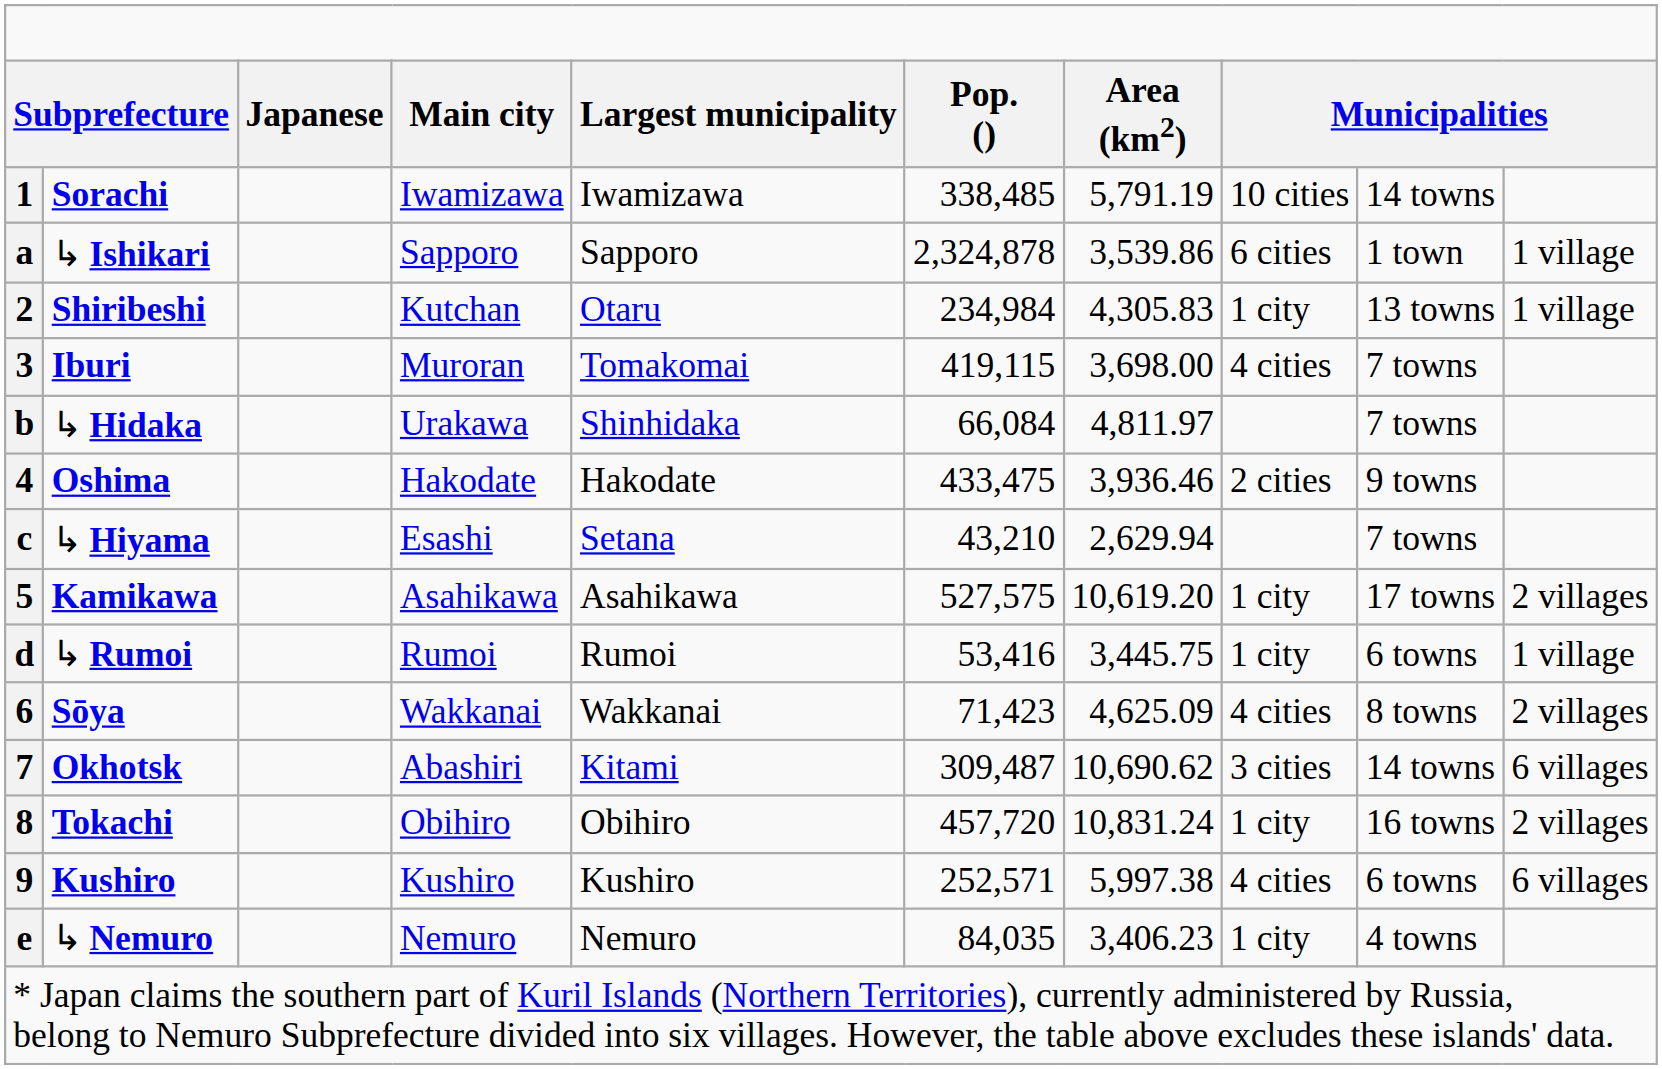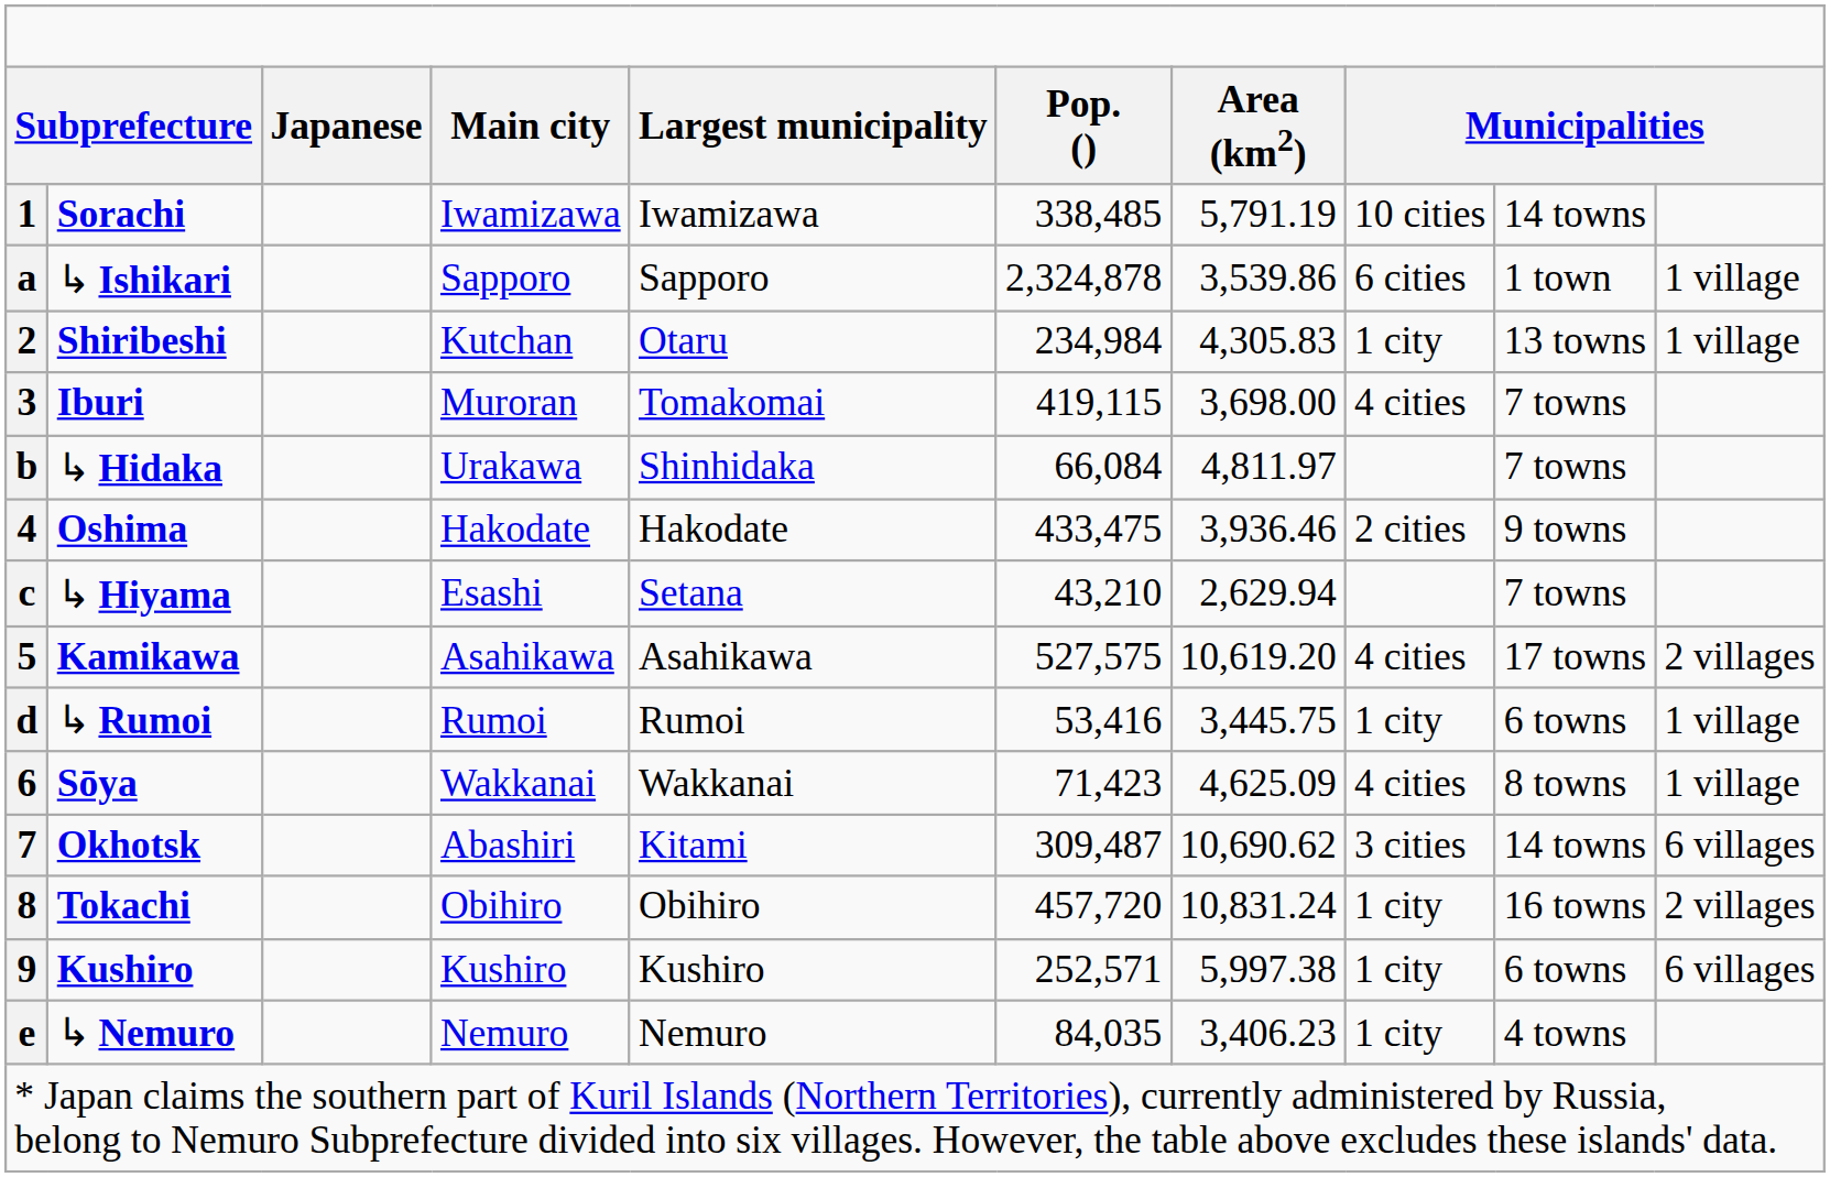 <table class="wikitable">
 <tr>
 <td colspan="10" style="text-align: center; padding-left: 18%"><br>                </td>
 </tr>
 <tr>
 <th colspan="2"><a href='#'>Subprefecture</a></th>
 <th>Japanese</th>
 <th>Main city</th>
 <th>Largest municipality</th>
 <th>Pop.<br>()</th>
 <th>Area<br>(km<sup>2</sup>)</th>
 <th colspan=3><a href='#'>Municipalities</a></th>
 </tr>
 <tr>
 <th>1</th>
 <td><strong><a href='#'>Sorachi</a></strong></td>
 <td></td>
 <td><a href='#'>Iwamizawa</a></td>
 <td>Iwamizawa</td>
 <td align=right>338,485</td>
 <td align=right>5,791.19</td>
 <td>10 cities</td>
 <td>14 towns</td>
 <td></td>
 </tr>
 <tr>
 <th>a</th>
 <td>↳ <strong><a href='#'>Ishikari</a></strong></td>
 <td></td>
 <td><a href='#'>Sapporo</a></td>
 <td>Sapporo</td>
 <td align=right>2,324,878</td>
 <td align=right>3,539.86</td>
 <td>6 cities</td>
 <td>1 town</td>
 <td>1 village</td>
 </tr>
 <tr>
 <th>2</th>
 <td><strong><a href='#'>Shiribeshi</a></strong></td>
 <td></td>
 <td><a href='#'>Kutchan</a></td>
 <td><a href='#'>Otaru</a></td>
 <td align=right>234,984</td>
 <td align=right>4,305.83</td>
 <td>1 city</td>
 <td>13 towns</td>
 <td>1 village</td>
 </tr>
 <tr>
 <th>3</th>
 <td><strong><a href='#'>Iburi</a></strong></td>
 <td></td>
 <td><a href='#'>Muroran</a></td>
 <td><a href='#'>Tomakomai</a></td>
 <td align=right>419,115</td>
 <td align=right>3,698.00</td>
 <td>4 cities</td>
 <td>7 towns</td>
 <td></td>
 </tr>
 <tr>
 <th>b</th>
 <td>↳ <strong><a href='#'>Hidaka</a></strong></td>
 <td></td>
 <td><a href='#'>Urakawa</a></td>
 <td><a href='#'>Shinhidaka</a></td>
 <td align=right>66,084</td>
 <td align=right>4,811.97</td>
 <td></td>
 <td>7 towns</td>
 <td></td>
 </tr>
 <tr>
 <th>4</th>
 <td><strong><a href='#'>Oshima</a></strong></td>
 <td></td>
 <td><a href='#'>Hakodate</a></td>
 <td>Hakodate</td>
 <td align=right>433,475</td>
 <td align=right>3,936.46</td>
 <td>2 cities</td>
 <td>9 towns</td>
 <td></td>
 </tr>
 <tr>
 <th>c</th>
 <td>↳ <strong><a href='#'>Hiyama</a></strong></td>
 <td></td>
 <td><a href='#'>Esashi</a></td>
 <td><a href='#'>Setana</a></td>
 <td align=right>43,210</td>
 <td align=right>2,629.94</td>
 <td></td>
 <td>7 towns</td>
 <td></td>
 </tr>
 <tr>
 <th>5</th>
 <td><strong><a href='#'>Kamikawa</a></strong></td>
 <td></td>
 <td><a href='#'>Asahikawa</a></td>
 <td>Asahikawa</td>
 <td align=right>527,575</td>
 <td align=right>10,619.20</td>
-<td>1 city</td>
+<td>4 cities</td>
 <td>17 towns</td>
 <td>2 villages</td>
 </tr>
 <tr>
 <th>d</th>
 <td>↳ <strong><a href='#'>Rumoi</a></strong></td>
 <td></td>
 <td><a href='#'>Rumoi</a></td>
 <td>Rumoi</td>
 <td align=right>53,416</td>
 <td align=right>3,445.75</td>
 <td>1 city</td>
 <td>6 towns</td>
 <td>1 village</td>
 </tr>
 <tr>
 <th>6</th>
 <td><strong><a href='#'>Sōya</a></strong></td>
 <td></td>
 <td><a href='#'>Wakkanai</a></td>
 <td>Wakkanai</td>
 <td align=right>71,423</td>
 <td align=right>4,625.09</td>
 <td>4 cities</td>
 <td>8 towns</td>
-<td>2 villages</td>
+<td>1 village</td>
 </tr>
 <tr>
 <th>7</th>
 <td><strong><a href='#'>Okhotsk</a></strong></td>
 <td></td>
 <td><a href='#'>Abashiri</a></td>
 <td><a href='#'>Kitami</a></td>
 <td align=right>309,487</td>
 <td align=right>10,690.62</td>
 <td>3 cities</td>
 <td>14 towns</td>
 <td>6 villages</td>
 </tr>
 <tr>
 <th>8</th>
 <td><strong><a href='#'>Tokachi</a></strong></td>
 <td></td>
 <td><a href='#'>Obihiro</a></td>
 <td>Obihiro</td>
 <td align=right>457,720</td>
 <td align=right>10,831.24</td>
 <td>1 city</td>
 <td>16 towns</td>
 <td>2 villages</td>
 </tr>
 <tr>
 <th>9</th>
 <td><strong><a href='#'>Kushiro</a></strong></td>
 <td></td>
 <td><a href='#'>Kushiro</a></td>
 <td>Kushiro</td>
 <td align=right>252,571</td>
 <td align=right>5,997.38</td>
-<td>4 cities</td>
+<td>1 city</td>
 <td>6 towns</td>
 <td>6 villages</td>
 </tr>
 <tr>
 <th>e</th>
 <td>↳ <strong><a href='#'>Nemuro</a></strong></td>
 <td></td>
 <td><a href='#'>Nemuro</a></td>
 <td>Nemuro</td>
 <td align=right>84,035</td>
 <td align=right>3,406.23</td>
 <td>1 city</td>
 <td>4 towns</td>
 <td></td>
 </tr>
 <tr>
 <td colspan="10">* Japan claims the southern part of <a href='#'>Kuril Islands</a> (<a href='#'>Northern Territories</a>), currently administered by Russia,<br>belong to Nemuro Subprefecture divided into six villages. However, the table above excludes these islands' data.</td>
 </tr>
 </table>
